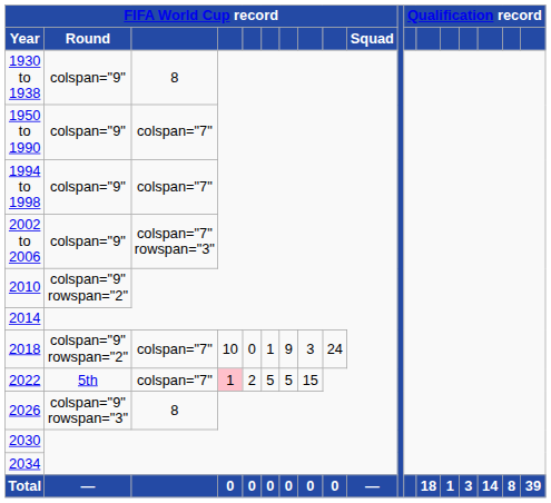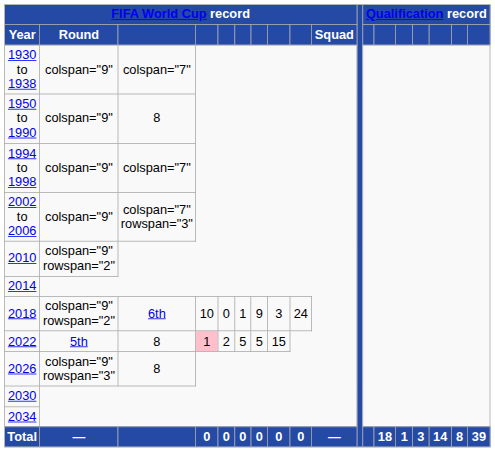 <table class="wikitable" style="text-align:center">
 <tr>
 <th colspan="10" style="background:#244AA5;color:white;"><a href='#'><span>FIFA World Cup</span></a> record</th>
 <th rowspan="26" style="background:#244AA5"></th>
 <th colspan="7" style="background:#244AA5;color:white;"><a href='#'><span>Qualification</span></a> record</th>
 </tr>
 <tr>
 <th style="background:#244AA5;color:white;">Year</th>
 <th style="background:#244AA5;color:white;">Round</th>
 <th width="28" style="background:#244AA5;color:white;"></th>
 <th width="28" style="background:#244AA5;color:white;"></th>
 <th width="28" style="background:#244AA5;color:white;"></th>
 <th width="28" style="background:#244AA5;color:white;"></th>
 <th width="28" style="background:#244AA5;color:white;"></th>
 <th width="28" style="background:#244AA5;color:white;"></th>
 <th width="28" style="background:#244AA5;color:white;"></th>
 <th style="background:#244AA5;color:white;">Squad</th>
 <th width="28" style="background:#244AA5;color:white;"></th>
 <th width="28" style="background:#244AA5;color:white;"></th>
 <th width="28" style="background:#244AA5;color:white;"></th>
 <th width="28" style="background:#244AA5;color:white;"></th>
 <th width="28" style="background:#244AA5;color:white;"></th>
 <th width="28" style="background:#244AA5;color:white;"></th>
 <th width="28" style="background:#244AA5;color:white;"></th>
 </tr>
 <tr>
 <td> <a href='#'>1930</a> to  <a href='#'>1938</a></td>
 <td>colspan="9" </td>
-<td>8</td>
+<td>colspan="7" </td>
 </tr>
 <tr>
 <td> <a href='#'>1950</a> to  <a href='#'>1990</a></td>
 <td>colspan="9" </td>
-<td>colspan="7" </td>
+<td>8</td>
 </tr>
 <tr>
 <td> <a href='#'>1994</a> to  <a href='#'>1998</a></td>
 <td>colspan="9" </td>
 <td>colspan="7" </td>
 </tr>
 <tr>
 <td> <a href='#'>2002</a> to  <a href='#'>2006</a></td>
 <td>colspan="9" </td>
 <td>colspan="7" rowspan="3" </td>
 </tr>
 <tr>
 <td> <a href='#'>2010</a></td>
 <td>colspan="9" rowspan="2" </td>
 </tr>
 <tr>
 <td> <a href='#'>2014</a></td>
 </tr>
 <tr>
 <td> <a href='#'>2018</a></td>
 <td>colspan="9" rowspan="2" </td>
-<td>colspan="7" </td>
+<td><a href='#'>6th</a></td>
 <td>10</td>
 <td>0</td>
 <td>1</td>
 <td>9</td>
 <td>3</td>
 <td>24</td>
 </tr>
 <tr>
 <td> <a href='#'>2022</a></td>
 <td><a href='#'>5th</a></td>
-<td>colspan="7" </td>
+<td>8</td>
 <td style="background: pink;">1</td>
 <td>2</td>
 <td>5</td>
 <td>5</td>
 <td>15</td>
 </tr>
 <tr>
 <td> <a href='#'>2026</a></td>
 <td>colspan="9" rowspan="3" </td>
 <td>8</td>
 </tr>
 <tr>
 <td> <a href='#'>2030</a></td>
 </tr>
 <tr>
 <td> <a href='#'>2034</a></td>
 </tr>
 <tr>
 <th style="background:#244AA5;color:white;">Total</th>
 <th style="background:#244AA5;color:white;">—</th>
 <th style="background:#244AA5;color:white;"></th>
 <th style="background:#244AA5;color:white;">0</th>
 <th style="background:#244AA5;color:white;">0</th>
 <th style="background:#244AA5;color:white;">0</th>
 <th style="background:#244AA5;color:white;">0</th>
 <th style="background:#244AA5;color:white;">0</th>
 <th style="background:#244AA5;color:white;">0</th>
 <th style="background:#244AA5;color:white;">—</th>
 <th style="background:#244AA5;color:white;"></th>
 <th style="background:#244AA5;color:white;">18</th>
 <th style="background:#244AA5;color:white;">1</th>
 <th style="background:#244AA5;color:white;">3</th>
 <th style="background:#244AA5;color:white;">14</th>
 <th style="background:#244AA5;color:white;">8</th>
 <th style="background:#244AA5;color:white;">39</th>
 </tr>
 </table>
